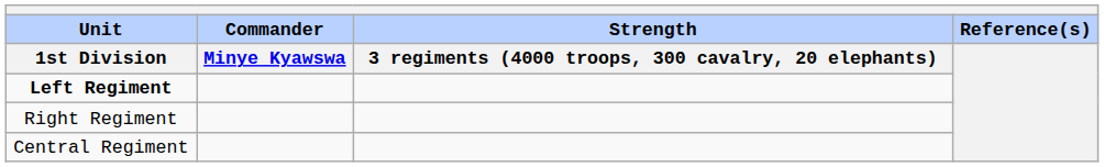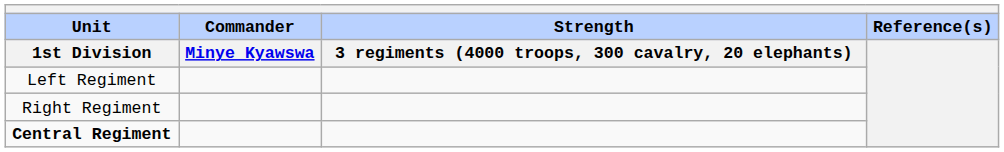 <table class="wikitable collapsible" style="min-width:60em; margin:0.3em auto; font-size:88%;">
 <tr>
 <th colspan=5></th>
 </tr>
 <tr>
 <th style="background-color:#B9D1FF">Unit</th>
 <th style="background-color:#B9D1FF">Commander</th>
 <th style="background-color:#B9D1FF">Strength</th>
 <th style="background-color:#B9D1FF">Reference(s)</th>
 </tr>
 <tr>
 <th colspan="1">1st Division</th>
 <th colspan="1"><a href='#'>Minye Kyawswa</a></th>
 <th colspan="1">3 regiments (4000 troops, 300 cavalry, 20 elephants)</th>
 <th rowspan="4"></th>
 </tr>
 <tr>
-<td align="center"><strong>Left Regiment</strong></td>
+<td align="center">Left Regiment</td>
 <td align="center"></td>
 <td align="center"></td>
 </tr>
 <tr>
 <td align="center">Right Regiment</td>
 <td align="center"></td>
 <td align="center"></td>
 </tr>
 <tr>
-<td align="center">Central Regiment</td>
+<td align="center"><strong>Central Regiment</strong></td>
 <td align="center"></td>
 <td align="center"></td>
 </tr>
 </table>
